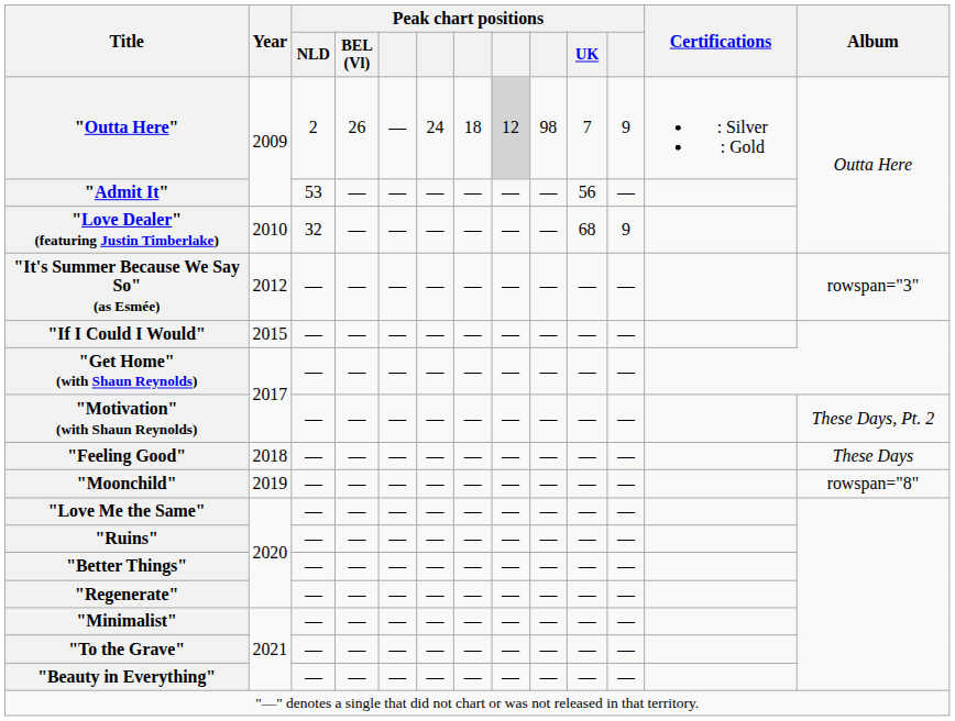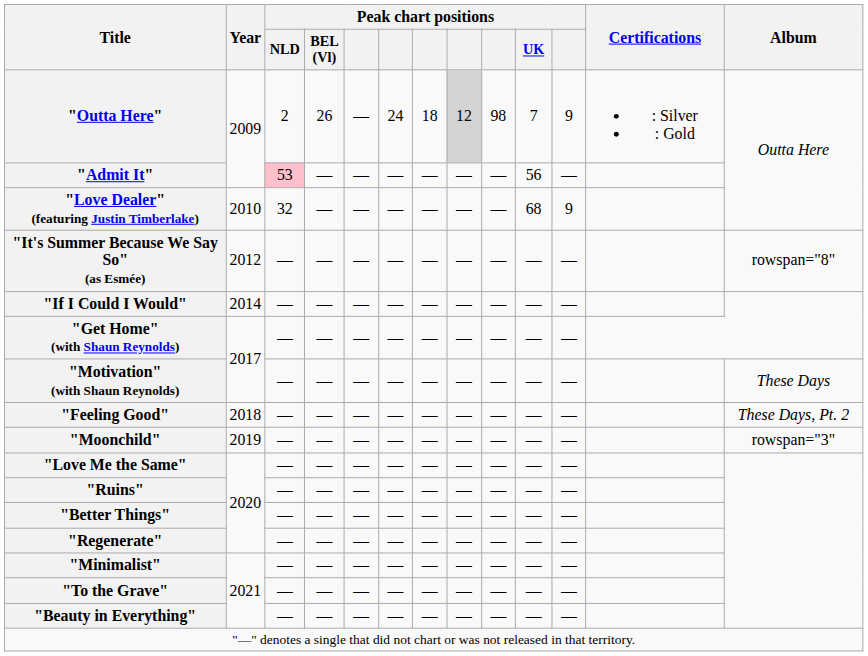 <table class="wikitable plainrowheaders" style="text-align:center;">
 <tr>
 <th scope="col" rowspan="2" style="width:19em;">Title</th>
 <th scope="col" rowspan="2" style="width:1em;">Year</th>
 <th scope="colgroup" colspan="9">Peak chart positions</th>
 <th scope="col" rowspan="2" style="width:10em;"><a href='#'>Certifications</a></th>
 <th scope="col" rowspan="2" style="width:10.5em;">Album</th>
 </tr>
 <tr>
 <th scope="col" style="width:2.5em;font-size:90%;">NLD<br></th>
 <th scope="col" style="width:2.5em;font-size:90%;">BEL<br>(Vl)<br></th>
 <th scope="col" style="width:2.5em;font-size:90%;"><a href='#'></a><br></th>
 <th scope="col" style="width:2.5em;font-size:90%;"><a href='#'></a><br></th>
 <th scope="col" style="width:2.5em;font-size:90%;"><a href='#'></a><br></th>
 <th scope="col" style="width:2.5em;font-size:90%;"><a href='#'></a><br></th>
 <th scope="col" style="width:2.5em;font-size:90%;"><a href='#'></a><br></th>
 <th scope="col" style="width:2.5em;font-size:90%;"><a href='#'>UK</a><br></th>
 <th scope="col" style="width:2.5em;font-size:90%;"><a href='#'></a><br></th>
 </tr>
 <tr>
 <th scope="row">"<a href='#'>Outta Here</a>"</th>
 <td rowspan="2">2009</td>
 <td>2</td>
 <td>26</td>
 <td>—</td>
 <td>24</td>
 <td>18</td>
 <td style="background: lightgrey;">12</td>
 <td>98</td>
 <td>7</td>
 <td>9</td>
 <td><br><ul><li><a href='#'></a>: Silver</li><li><a href='#'></a>: Gold</li></ul></td>
 <td rowspan="3"><em>Outta Here</em></td>
 </tr>
 <tr>
 <th scope="row">"<a href='#'>Admit It</a>"</th>
-<td>53</td>
+<td style="background: pink;">53</td>
 <td>—</td>
 <td>—</td>
 <td>—</td>
 <td>—</td>
 <td>—</td>
 <td>—</td>
 <td>56</td>
 <td>—</td>
 <td></td>
 </tr>
 <tr>
 <th scope="row">"<a href='#'>Love Dealer</a>"<br><small>(featuring <a href='#'>Justin Timberlake</a>)</small></th>
 <td>2010</td>
 <td>32</td>
 <td>—</td>
 <td>—</td>
 <td>—</td>
 <td>—</td>
 <td>—</td>
 <td>—</td>
 <td>68</td>
 <td>9</td>
 <td></td>
 </tr>
 <tr>
 <th scope="row">"It's Summer Because We Say So"<br><small>(as Esmée)</small></th>
 <td>2012</td>
 <td>—</td>
 <td>—</td>
 <td>—</td>
 <td>—</td>
 <td>—</td>
 <td>—</td>
 <td>—</td>
 <td>—</td>
 <td>—</td>
 <td></td>
-<td>rowspan="3" </td>
+<td>rowspan="8" </td>
 </tr>
 <tr>
 <th scope="row">"If I Could I Would"</th>
-<td>2015</td>
+<td>2014</td>
 <td>—</td>
 <td>—</td>
 <td>—</td>
 <td>—</td>
 <td>—</td>
 <td>—</td>
 <td>—</td>
 <td>—</td>
 <td>—</td>
 <td></td>
 </tr>
 <tr>
 <th scope="row">"Get Home"<br><small>(with <a href='#'>Shaun Reynolds</a>)</small></th>
 <td rowspan="2">2017</td>
 <td>—</td>
 <td>—</td>
 <td>—</td>
 <td>—</td>
 <td>—</td>
 <td>—</td>
 <td>—</td>
 <td>—</td>
 <td>—</td>
 </tr>
 <tr>
 <th scope="row">"Motivation"<br><small>(with Shaun Reynolds)</small></th>
 <td>—</td>
 <td>—</td>
 <td>—</td>
 <td>—</td>
 <td>—</td>
 <td>—</td>
 <td>—</td>
 <td>—</td>
 <td>—</td>
 <td></td>
-<td rowspan="1"><em>These Days, Pt. 2</em></td>
+<td rowspan="1"><em>These Days</em></td>
 </tr>
 <tr>
 <th scope="row">"Feeling Good"</th>
 <td>2018</td>
 <td>—</td>
 <td>—</td>
 <td>—</td>
 <td>—</td>
 <td>—</td>
 <td>—</td>
 <td>—</td>
 <td>—</td>
 <td>—</td>
 <td></td>
-<td rowspan="1"><em>These Days</em></td>
+<td rowspan="1"><em>These Days, Pt. 2</em></td>
 </tr>
 <tr>
 <th scope="row">"Moonchild"</th>
 <td>2019</td>
 <td>—</td>
 <td>—</td>
 <td>—</td>
 <td>—</td>
 <td>—</td>
 <td>—</td>
 <td>—</td>
 <td>—</td>
 <td>—</td>
 <td></td>
-<td>rowspan="8" </td>
+<td>rowspan="3" </td>
 </tr>
 <tr>
 <th scope="row">"Love Me the Same"</th>
 <td rowspan="4">2020</td>
 <td>—</td>
 <td>—</td>
 <td>—</td>
 <td>—</td>
 <td>—</td>
 <td>—</td>
 <td>—</td>
 <td>—</td>
 <td>—</td>
 <td></td>
 </tr>
 <tr>
 <th scope="row">"Ruins"</th>
 <td>—</td>
 <td>—</td>
 <td>—</td>
 <td>—</td>
 <td>—</td>
 <td>—</td>
 <td>—</td>
 <td>—</td>
 <td>—</td>
 <td></td>
 </tr>
 <tr>
 <th scope="row">"Better Things"</th>
 <td>—</td>
 <td>—</td>
 <td>—</td>
 <td>—</td>
 <td>—</td>
 <td>—</td>
 <td>—</td>
 <td>—</td>
 <td>—</td>
 <td></td>
 </tr>
 <tr>
 <th scope="row">"Regenerate"</th>
 <td>—</td>
 <td>—</td>
 <td>—</td>
 <td>—</td>
 <td>—</td>
 <td>—</td>
 <td>—</td>
 <td>—</td>
 <td>—</td>
 <td></td>
 </tr>
 <tr>
 <th scope="row">"Minimalist"</th>
 <td rowspan="3">2021</td>
 <td>—</td>
 <td>—</td>
 <td>—</td>
 <td>—</td>
 <td>—</td>
 <td>—</td>
 <td>—</td>
 <td>—</td>
 <td>—</td>
 <td></td>
 </tr>
 <tr>
 <th scope="row">"To the Grave"</th>
 <td>—</td>
 <td>—</td>
 <td>—</td>
 <td>—</td>
 <td>—</td>
 <td>—</td>
 <td>—</td>
 <td>—</td>
 <td>—</td>
 <td></td>
 </tr>
 <tr>
 <th scope="row">"Beauty in Everything"</th>
 <td>—</td>
 <td>—</td>
 <td>—</td>
 <td>—</td>
 <td>—</td>
 <td>—</td>
 <td>—</td>
 <td>—</td>
 <td>—</td>
 <td></td>
 </tr>
 <tr>
 <td colspan="17" style="font-size:85%">"—" denotes a single that did not chart or was not released in that territory.</td>
 </tr>
 </table>
